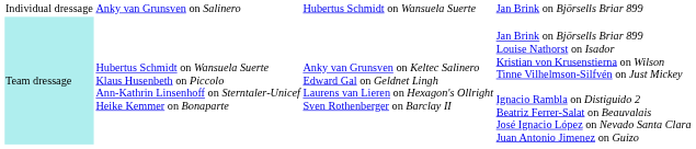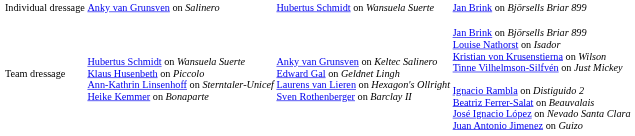 <table>
 <tr>
 <td>Individual dressage<br></td>
 <td> <a href='#'>Anky van Grunsven</a> on <em>Salinero</em></td>
 <td> <a href='#'>Hubertus Schmidt</a> on <em>Wansuela Suerte</em></td>
 <td> <a href='#'>Jan Brink</a> on <em>Björsells Briar 899</em></td>
 </tr>
 <tr>
-<td style="background: paleturquoise;">Team dressage<br></td>
+<td>Team dressage<br></td>
 <td><br><a href='#'>Hubertus Schmidt</a> on <em>Wansuela Suerte</em><br><a href='#'>Klaus Husenbeth</a> on <em>Piccolo</em><br><a href='#'>Ann-Kathrin Linsenhoff</a> on <em>Sterntaler-Unicef</em><br><a href='#'>Heike Kemmer</a> on <em>Bonaparte</em></td>
 <td><br><a href='#'>Anky van Grunsven</a> on <em>Keltec Salinero</em><br><a href='#'>Edward Gal</a> on <em>Geldnet Lingh</em><br><a href='#'>Laurens van Lieren</a> on <em>Hexagon's Ollright</em><br><a href='#'>Sven Rothenberger</a> on <em>Barclay II</em></td>
 <td><br><a href='#'>Jan Brink</a> on <em>Björsells Briar 899</em><br><a href='#'>Louise Nathorst</a> on <em>Isador</em><br><a href='#'>Kristian von Krusenstierna</a> on <em>Wilson</em><br><a href='#'>Tinne Vilhelmson-Silfvén</a> on <em>Just Mickey</em><br><br><a href='#'>Ignacio Rambla</a> on <em>Distiguido 2</em><br><a href='#'>Beatriz Ferrer-Salat</a> on <em>Beauvalais</em><br><a href='#'>José Ignacio López</a> on <em>Nevado Santa Clara</em><br><a href='#'>Juan Antonio Jimenez</a> on <em>Guizo</em></td>
 </tr>
 </table>
